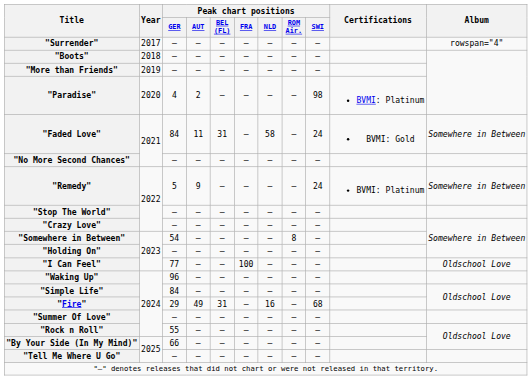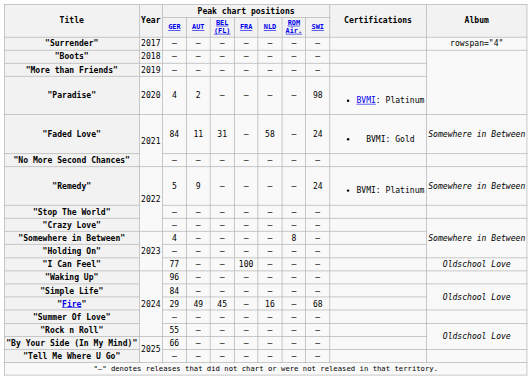 <table class="wikitable plainrowheaders" style="text-align:center;">
 <tr>
 <th scope="col" rowspan="2">Title</th>
 <th scope="col" rowspan="2">Year</th>
 <th scope="col" colspan="7">Peak chart positions</th>
 <th scope="col" rowspan="2">Certifications</th>
 <th scope="col" rowspan="2">Album</th>
 </tr>
 <tr>
 <th scope="col" style="width:3em;font-size:85%;"><a href='#'>GER</a><br></th>
 <th scope="col" style="width:3em;font-size:85%;"><a href='#'>AUT</a><br></th>
 <th scope="col" style="width:3em;font-size:85%;"><a href='#'>BEL<br>(FL)</a><br></th>
 <th scope="col" style="width:3em;font-size:85%;"><a href='#'>FRA</a><br></th>
 <th scope="col" style="width:3em;font-size:85%;"><a href='#'>NLD</a><br></th>
 <th scope="col" style="width:3em;font-size:85%;"><a href='#'>ROM<br>Air.</a><br></th>
 <th scope="col" style="width:3em;font-size:85%;"><a href='#'>SWI</a><br></th>
 </tr>
 <tr>
 <th scope="row">"Surrender"</th>
 <td>2017</td>
 <td>—</td>
 <td>—</td>
 <td>—</td>
 <td>—</td>
 <td>—</td>
 <td>—</td>
 <td>—</td>
 <td></td>
 <td>rowspan="4" </td>
 </tr>
 <tr>
 <th scope="row">"Boots"</th>
 <td>2018</td>
 <td>—</td>
 <td>—</td>
 <td>—</td>
 <td>—</td>
 <td>—</td>
 <td>—</td>
 <td>—</td>
 <td></td>
 </tr>
 <tr>
 <th scope="row">"More than Friends"</th>
 <td>2019</td>
 <td>—</td>
 <td>—</td>
 <td>—</td>
 <td>—</td>
 <td>—</td>
 <td>—</td>
 <td>—</td>
 <td></td>
 </tr>
 <tr>
 <th scope="row">"Paradise"<br></th>
 <td>2020</td>
 <td>4</td>
 <td>2</td>
 <td>—</td>
 <td>—</td>
 <td>—</td>
 <td>—</td>
 <td>98</td>
 <td><br><ul><li><a href='#'>BVMI</a>: Platinum</li></ul></td>
 </tr>
 <tr>
 <th scope="row">"Faded Love"</th>
 <td rowspan="2">2021</td>
 <td>84</td>
 <td>11</td>
 <td>31</td>
 <td>—</td>
 <td>58</td>
 <td>—</td>
 <td>24</td>
 <td><br><ul><li>BVMI: Gold</li></ul></td>
 <td><em>Somewhere in Between</em></td>
 </tr>
 <tr>
 <th scope="row">"No More Second Chances"</th>
 <td>—</td>
 <td>—</td>
 <td>—</td>
 <td>—</td>
 <td>—</td>
 <td>—</td>
 <td>—</td>
 <td></td>
 <td></td>
 </tr>
 <tr>
 <th scope="row">"Remedy"</th>
 <td rowspan="3">2022</td>
 <td>5</td>
 <td>9</td>
 <td>—</td>
 <td>—</td>
 <td>—</td>
 <td>—</td>
 <td>24</td>
 <td><br><ul><li>BVMI: Platinum</li></ul></td>
 <td><em>Somewhere in Between</em></td>
 </tr>
 <tr>
 <th scope="row">"Stop The World"<br></th>
 <td>—</td>
 <td>—</td>
 <td>—</td>
 <td>—</td>
 <td>—</td>
 <td>—</td>
 <td>—</td>
 <td></td>
 <td></td>
 </tr>
 <tr>
 <th scope="row">"Crazy Love"<br></th>
 <td>—</td>
 <td>—</td>
 <td>—</td>
 <td>—</td>
 <td>—</td>
 <td>—</td>
 <td>—</td>
 <td></td>
 <td rowspan="3"><em>Somewhere in Between</em></td>
 </tr>
 <tr>
 <th scope="row">"Somewhere in Between"</th>
 <td rowspan="3">2023</td>
-<td>54</td>
+<td>4</td>
 <td>—</td>
 <td>—</td>
 <td>—</td>
 <td>—</td>
 <td>8</td>
 <td>—</td>
 <td></td>
 </tr>
 <tr>
 <th scope="row">"Holding On"</th>
 <td>—</td>
 <td>—</td>
 <td>—</td>
 <td>—</td>
 <td>—</td>
 <td>—</td>
 <td>—</td>
 <td></td>
 </tr>
 <tr>
 <th scope="row">"I Can Feel"<br></th>
 <td>77</td>
 <td>—</td>
 <td>—</td>
 <td>100</td>
 <td>—</td>
 <td>—</td>
 <td>—</td>
 <td></td>
 <td><em>Oldschool Love</em></td>
 </tr>
 <tr>
 <th scope="row">"Waking Up"<br></th>
 <td rowspan="5">2024</td>
 <td>96</td>
 <td>—</td>
 <td>—</td>
 <td>—</td>
 <td>—</td>
 <td>—</td>
 <td>—</td>
 <td></td>
 <td></td>
 </tr>
 <tr>
 <th scope="row">"Simple Life"</th>
 <td>84</td>
 <td>—</td>
 <td>—</td>
 <td>—</td>
 <td>—</td>
 <td>—</td>
 <td>—</td>
 <td></td>
 <td rowspan="2"><em>Oldschool Love</em></td>
 </tr>
 <tr>
 <th scope="row">"<a href='#'>Fire</a>" <br></th>
 <td>29</td>
 <td>49</td>
-<td>31</td>
+<td>45</td>
 <td>—</td>
 <td>16</td>
 <td>—</td>
 <td>68</td>
 <td></td>
 </tr>
 <tr>
 <th scope="row">"Summer Of Love"<br></th>
 <td>—</td>
 <td>—</td>
 <td>—</td>
 <td>—</td>
 <td>—</td>
 <td>—</td>
 <td>—</td>
 <td></td>
 <td></td>
 </tr>
 <tr>
 <th scope="row">"Rock n Roll"<br></th>
 <td>55</td>
 <td>—</td>
 <td>—</td>
 <td>—</td>
 <td>—</td>
 <td>—</td>
 <td>—</td>
 <td></td>
 <td rowspan="2"><em>Oldschool Love</em></td>
 </tr>
 <tr>
 <th scope="row">"By Your Side (In My Mind)"</th>
 <td rowspan="2">2025</td>
 <td>66</td>
 <td>—</td>
 <td>—</td>
 <td>—</td>
 <td>—</td>
 <td>—</td>
 <td>—</td>
 <td></td>
 </tr>
 <tr>
 <th scope="row">"Tell Me Where U Go"<br></th>
 <td>—</td>
 <td>—</td>
 <td>—</td>
 <td>—</td>
 <td>—</td>
 <td>—</td>
 <td>—</td>
 <td></td>
 <td></td>
 </tr>
 <tr>
 <td colspan="11" style="font-size:90%">"—" denotes releases that did not chart or were not released in that territory.</td>
 </tr>
 </table>
